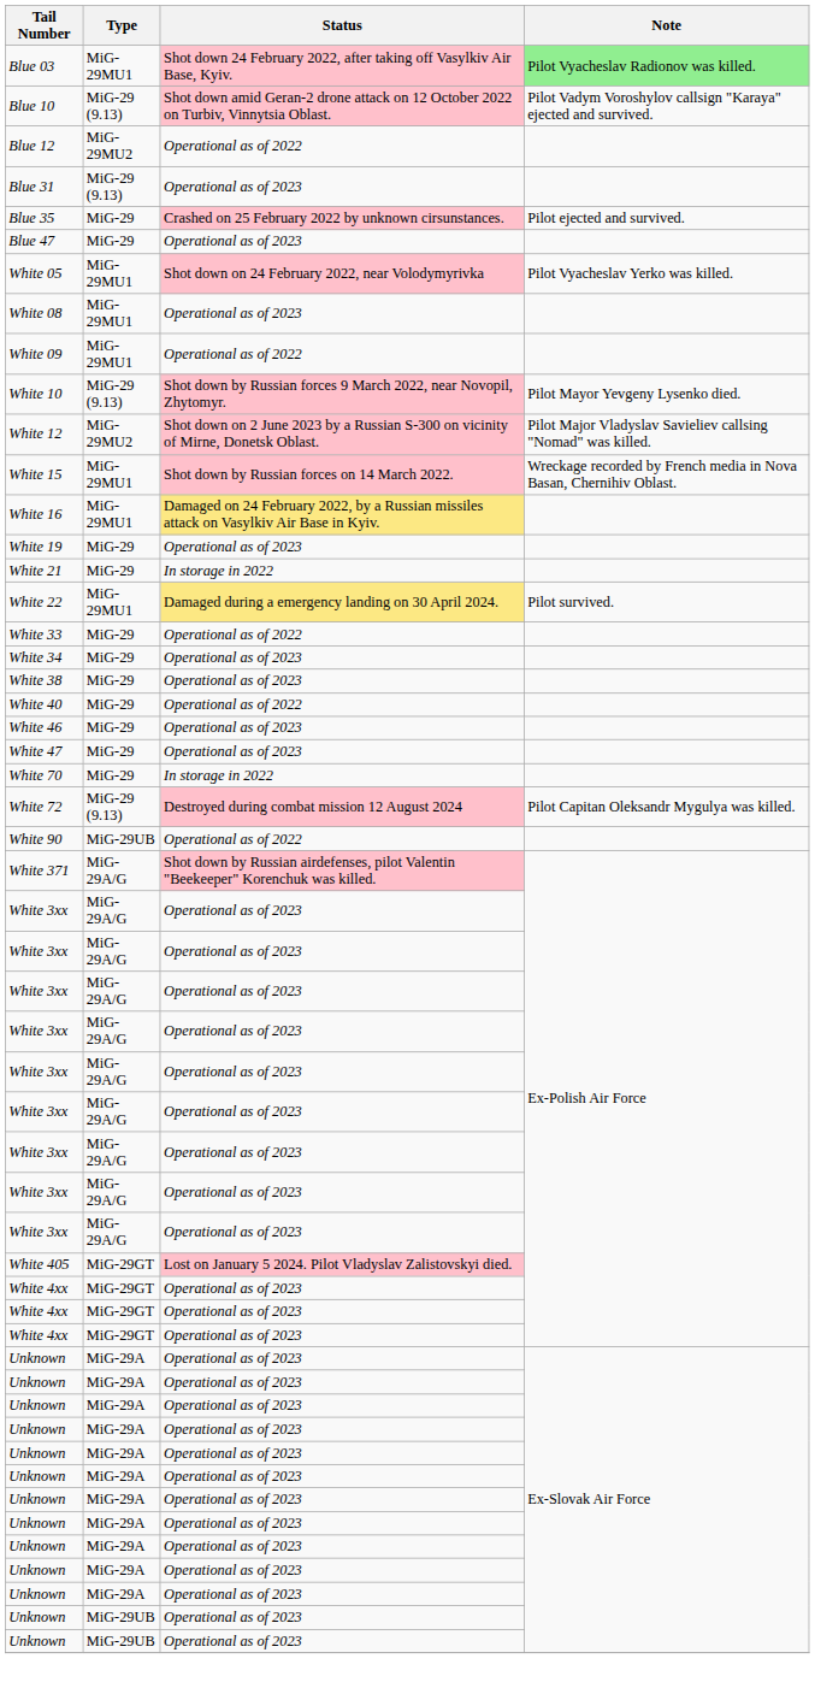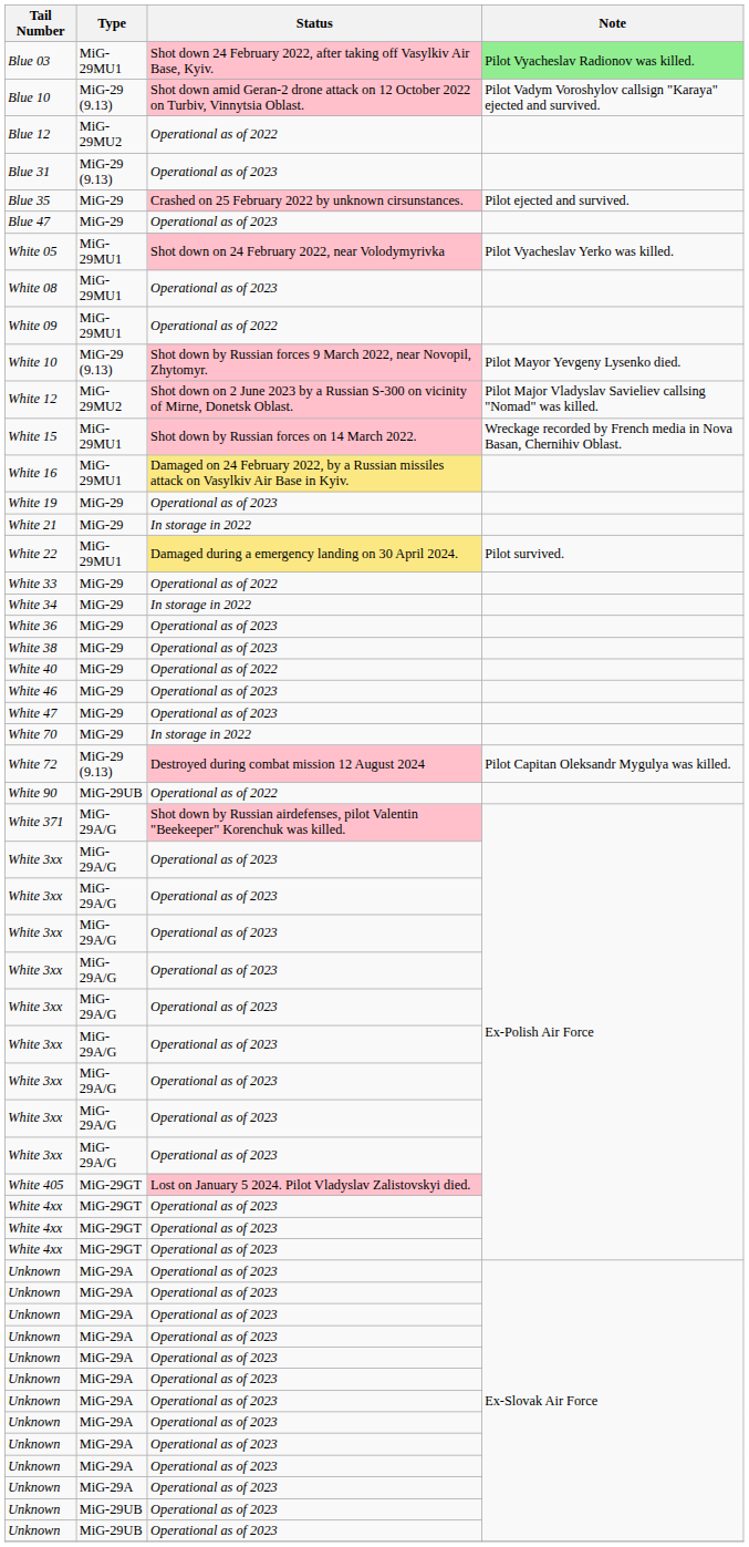 <table class="wikitable">
 <tr>
 <th>Tail Number</th>
 <th>Type</th>
 <th>Status</th>
 <th>Note</th>
 </tr>
 <tr>
 <td><em>Blue 03</em></td>
 <td>MiG-29MU1</td>
 <td style="background:#FFC0CB;">Shot down 24 February 2022, after taking off Vasylkiv Air Base, Kyiv.</td>
 <td style="background: lightgreen;">Pilot Vyacheslav Radionov was killed.</td>
 </tr>
 <tr>
 <td><em>Blue 10</em></td>
 <td>MiG-29 (9.13)</td>
 <td style="background:#FFC0CB;">Shot down amid Geran-2 drone attack on 12 October 2022 on Turbiv, Vinnytsia Oblast.</td>
 <td>Pilot Vadym Voroshylov callsign "Karaya" ejected and survived.</td>
 </tr>
 <tr>
 <td><em>Blue 12</em></td>
 <td>MiG-29MU2</td>
 <td><em>Operational as of 2022</em></td>
 <td></td>
 </tr>
 <tr>
 <td><em>Blue 31</em></td>
 <td>MiG-29 (9.13)</td>
 <td><em>Operational as of 2023</em></td>
 <td></td>
 </tr>
 <tr>
 <td><em>Blue 35</em></td>
 <td>MiG-29</td>
 <td style="background:#FFC0CB;">Crashed on 25 February 2022 by unknown cirsunstances.</td>
 <td>Pilot ejected and survived.</td>
 </tr>
 <tr>
 <td><em>Blue 47</em></td>
 <td>MiG-29</td>
 <td><em>Operational as of 2023</em></td>
 <td></td>
 </tr>
 <tr>
 <td><em>White 05</em></td>
 <td>MiG-29MU1</td>
 <td style="background:#FFC0CB;">Shot down on 24 February 2022, near Volodymyrivka</td>
 <td>Pilot Vyacheslav Yerko was killed.</td>
 </tr>
 <tr>
 <td><em>White 08</em></td>
 <td>MiG-29MU1</td>
 <td><em>Operational as of 2023</em></td>
 <td></td>
 </tr>
 <tr>
 <td><em>White 09</em></td>
 <td>MiG-29MU1</td>
 <td><em>Operational as of 2022</em></td>
 <td></td>
 </tr>
 <tr>
 <td><em>White 10</em></td>
 <td>MiG-29 (9.13)</td>
 <td style="background:#FFC0CB;">Shot down by Russian forces 9 March 2022, near Novopil, Zhytomyr.</td>
 <td>Pilot Mayor Yevgeny Lysenko died.</td>
 </tr>
 <tr>
 <td><em>White 12</em></td>
 <td>MiG-29MU2</td>
 <td style="background:#FFC0CB;">Shot down on 2 June 2023 by a Russian S-300 on vicinity of Mirne, Donetsk  Oblast.</td>
 <td>Pilot Major Vladyslav Savieliev callsing "Nomad" was killed.</td>
 </tr>
 <tr>
 <td><em>White 15</em></td>
 <td>MiG-29MU1</td>
 <td style="background:#FFC0CB;">Shot down by Russian forces on 14 March 2022.</td>
 <td>Wreckage recorded by French media in Nova Basan, Chernihiv Oblast.</td>
 </tr>
 <tr>
 <td><em>White 16</em></td>
 <td>MiG-29MU1</td>
 <td style="background:#FCE883">Damaged on 24 February 2022, by a Russian missiles attack on Vasylkiv Air Base in Kyiv.</td>
 <td></td>
 </tr>
 <tr>
 <td><em>White 19</em></td>
 <td>MiG-29</td>
 <td><em>Operational as of 2023</em></td>
 <td></td>
 </tr>
 <tr>
 <td><em>White 21</em></td>
 <td>MiG-29</td>
 <td><em>In storage in 2022</em></td>
 <td></td>
 </tr>
 <tr>
 <td><em>White 22</em></td>
 <td>MiG-29MU1</td>
 <td style="background:#FCE883">Damaged during a emergency landing on 30 April 2024.</td>
 <td>Pilot survived.</td>
 </tr>
 <tr>
 <td><em>White 33</em></td>
 <td>MiG-29</td>
 <td><em>Operational as of 2022</em></td>
 <td></td>
 </tr>
 <tr>
 <td><em>White 34</em></td>
+<td>MiG-29</td>
+<td><em>In storage in 2022</em></td>
+<td></td>
+</tr>
+<tr>
+<td><em>White 36</em></td>
 <td>MiG-29</td>
 <td><em>Operational as of 2023</em></td>
 <td></td>
 </tr>
 <tr>
 <td><em>White 38</em></td>
 <td>MiG-29</td>
 <td><em>Operational as of 2023</em></td>
 <td></td>
 </tr>
 <tr>
 <td><em>White 40</em></td>
 <td>MiG-29</td>
 <td><em>Operational as of 2022</em></td>
 <td></td>
 </tr>
 <tr>
 <td><em>White 46</em></td>
 <td>MiG-29</td>
 <td><em>Operational as of 2023</em></td>
 <td></td>
 </tr>
 <tr>
 <td><em>White 47</em></td>
 <td>MiG-29</td>
 <td><em>Operational as of 2023</em></td>
 <td></td>
 </tr>
 <tr>
 <td><em>White 70</em></td>
 <td>MiG-29</td>
 <td><em>In storage in 2022</em></td>
 <td></td>
 </tr>
 <tr>
 <td><em>White 72</em></td>
 <td>MiG-29 (9.13)</td>
 <td style="background:#FFC0CB;">Destroyed during combat mission 12 August 2024</td>
 <td>Pilot Capitan Oleksandr Mygulya was killed.</td>
 </tr>
 <tr>
 <td><em>White 90</em></td>
 <td>MiG-29UB</td>
 <td><em>Operational as of 2022</em></td>
 <td></td>
 </tr>
 <tr>
 <td><em>White 371</em></td>
 <td>MiG-29A/G</td>
 <td style="background:#FFC0CB;">Shot down by Russian airdefenses, pilot Valentin "Beekeeper" Korenchuk was killed.</td>
 <td rowspan="14">Ex-Polish Air Force</td>
 </tr>
 <tr>
 <td><em>White 3xx</em></td>
 <td>MiG-29A/G</td>
 <td><em>Operational as of 2023</em></td>
 </tr>
 <tr>
 <td><em>White 3xx</em></td>
 <td>MiG-29A/G</td>
 <td><em>Operational as of 2023</em></td>
 </tr>
 <tr>
 <td><em>White 3xx</em></td>
 <td>MiG-29A/G</td>
 <td><em>Operational as of 2023</em></td>
 </tr>
 <tr>
 <td><em>White 3xx</em></td>
 <td>MiG-29A/G</td>
 <td><em>Operational as of 2023</em></td>
 </tr>
 <tr>
 <td><em>White 3xx</em></td>
 <td>MiG-29A/G</td>
 <td><em>Operational as of 2023</em></td>
 </tr>
 <tr>
 <td><em>White 3xx</em></td>
 <td>MiG-29A/G</td>
 <td><em>Operational as of 2023</em></td>
 </tr>
 <tr>
 <td><em>White 3xx</em></td>
 <td>MiG-29A/G</td>
 <td><em>Operational as of 2023</em></td>
 </tr>
 <tr>
 <td><em>White 3xx</em></td>
 <td>MiG-29A/G</td>
 <td><em>Operational as of 2023</em></td>
 </tr>
 <tr>
 <td><em>White 3xx</em></td>
 <td>MiG-29A/G</td>
 <td><em>Operational as of 2023</em></td>
 </tr>
 <tr>
 <td><em>White 405</em></td>
 <td>MiG-29GT</td>
 <td style="background:#FFC0CB;">Lost on January 5 2024. Pilot Vladyslav Zalistovskyi died.</td>
 </tr>
 <tr>
 <td><em>White 4xx</em></td>
 <td>MiG-29GT</td>
 <td><em>Operational as of 2023</em></td>
 </tr>
 <tr>
 <td><em>White 4xx</em></td>
 <td>MiG-29GT</td>
 <td><em>Operational as of 2023</em></td>
 </tr>
 <tr>
 <td><em>White 4xx</em></td>
 <td>MiG-29GT</td>
 <td><em>Operational as of 2023</em></td>
 </tr>
 <tr>
 <td><em>Unknown</em></td>
 <td>MiG-29A</td>
 <td><em>Operational as of 2023</em></td>
 <td rowspan="13">Ex-Slovak Air Force</td>
 </tr>
 <tr>
 <td><em>Unknown</em></td>
 <td>MiG-29A</td>
 <td><em>Operational as of 2023</em></td>
 </tr>
 <tr>
 <td><em>Unknown</em></td>
 <td>MiG-29A</td>
 <td><em>Operational as of 2023</em></td>
 </tr>
 <tr>
 <td><em>Unknown</em></td>
 <td>MiG-29A</td>
 <td><em>Operational as of 2023</em></td>
 </tr>
 <tr>
 <td><em>Unknown</em></td>
 <td>MiG-29A</td>
 <td><em>Operational as of 2023</em></td>
 </tr>
 <tr>
 <td><em>Unknown</em></td>
 <td>MiG-29A</td>
 <td><em>Operational as of 2023</em></td>
 </tr>
 <tr>
 <td><em>Unknown</em></td>
 <td>MiG-29A</td>
 <td><em>Operational as of 2023</em></td>
 </tr>
 <tr>
 <td><em>Unknown</em></td>
 <td>MiG-29A</td>
 <td><em>Operational as of 2023</em></td>
 </tr>
 <tr>
 <td><em>Unknown</em></td>
 <td>MiG-29A</td>
 <td><em>Operational as of 2023</em></td>
 </tr>
 <tr>
 <td><em>Unknown</em></td>
 <td>MiG-29A</td>
 <td><em>Operational as of 2023</em></td>
 </tr>
 <tr>
 <td><em>Unknown</em></td>
 <td>MiG-29A</td>
 <td><em>Operational as of 2023</em></td>
 </tr>
 <tr>
 <td><em>Unknown</em></td>
 <td>MiG-29UB</td>
 <td><em>Operational as of 2023</em></td>
 </tr>
 <tr>
 <td><em>Unknown</em></td>
 <td>MiG-29UB</td>
 <td><em>Operational as of 2023</em></td>
 </tr>
 <tr>
 </tr>
 </table>
